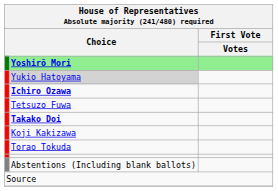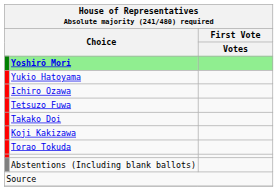 <table class="wikitable" style="font-size:90%;">
 <tr>
 <th colspan="4">House of Representatives <br><small>Absolute majority (241/480) required</small></th>
 </tr>
 <tr>
 <th align="left" rowspan="2" colspan="2" width="100">Choice</th>
 <th colspan="2">First Vote</th>
 </tr>
 <tr>
 <th width="100">Votes</th>
 </tr>
 <tr style="background:lightgreen;">
 <td width="1" bgcolor="green"></td>
 <td align="left"><strong><a href='#'>Yoshirō Mori</a></strong></td>
 <td></td>
 </tr>
 <tr>
 <td bgcolor="red"></td>
-<td align="left" style="background: lightgrey;"><a href='#'>Yukio Hatoyama</a></td>
+<td align="left"><a href='#'>Yukio Hatoyama</a></td>
 <td></td>
 </tr>
 <tr>
 <td bgcolor="red"></td>
-<td align="left"><strong><a href='#'>Ichiro Ozawa</a></strong></td>
+<td align="left"><a href='#'>Ichiro Ozawa</a></td>
 <td></td>
 </tr>
 <tr>
 <td bgcolor="red"></td>
 <td align="left"><a href='#'>Tetsuzo Fuwa</a></td>
 <td></td>
 </tr>
 <tr>
 <td bgcolor="red"></td>
-<td align="left"><strong><a href='#'>Takako Doi</a></strong></td>
+<td align="left"><a href='#'>Takako Doi</a></td>
 <td></td>
 </tr>
 <tr>
 <td bgcolor="red"></td>
 <td align="left"><a href='#'>Koji Kakizawa</a></td>
 <td></td>
 </tr>
 <tr>
 <td bgcolor="red"></td>
 <td align="left"><a href='#'>Torao Tokuda</a></td>
 <td></td>
 </tr>
 <tr>
 <td bgcolor="red"></td>
 <td align="left"></td>
 <td></td>
 </tr>
 <tr>
 <td bgcolor="gray"></td>
 <td align="left">Abstentions (Including blank ballots)</td>
 <td></td>
 </tr>
 <tr>
 <td colspan=3>Source </td>
 </tr>
 <tr>
 </tr>
 </table>
